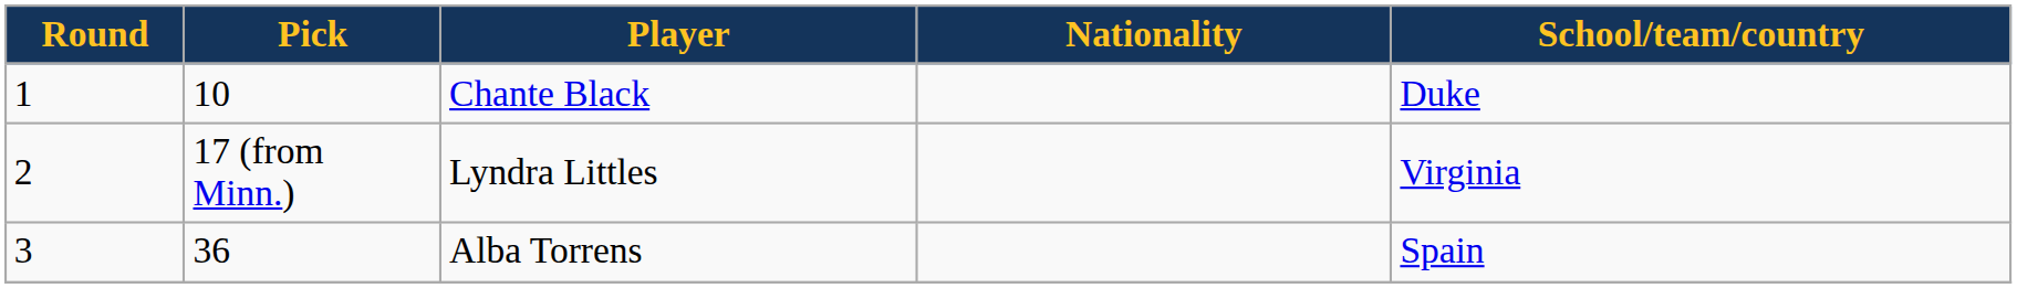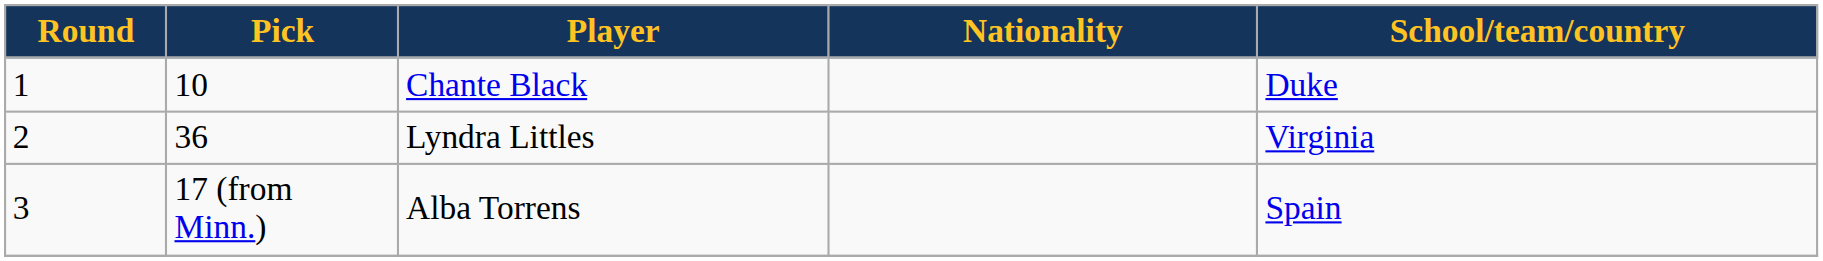 <table class="wikitable">
 <tr>
 <th style="background:#14345B; color:#ffc322;" width="2%">Round</th>
 <th style="background:#14345B; color:#ffc322;" width="5%">Pick</th>
 <th style="background:#14345B; color:#ffc322;" width="10%">Player</th>
 <th style="background:#14345B; color:#ffc322;" width="10%">Nationality</th>
 <th style="background:#14345B; color:#ffc322;" width="10%">School/team/country</th>
 </tr>
 <tr>
 <td>1</td>
 <td>10</td>
 <td><a href='#'>Chante Black</a></td>
 <td></td>
 <td><a href='#'>Duke</a></td>
 </tr>
 <tr>
 <td>2</td>
-<td>17 (from <a href='#'>Minn.</a>)</td>
+<td>36</td>
 <td>Lyndra Littles</td>
 <td></td>
 <td><a href='#'>Virginia</a></td>
 </tr>
 <tr>
 <td>3</td>
-<td>36</td>
+<td>17 (from <a href='#'>Minn.</a>)</td>
 <td>Alba Torrens</td>
 <td></td>
 <td><a href='#'>Spain</a></td>
 </tr>
 <tr>
 </tr>
 </table>
